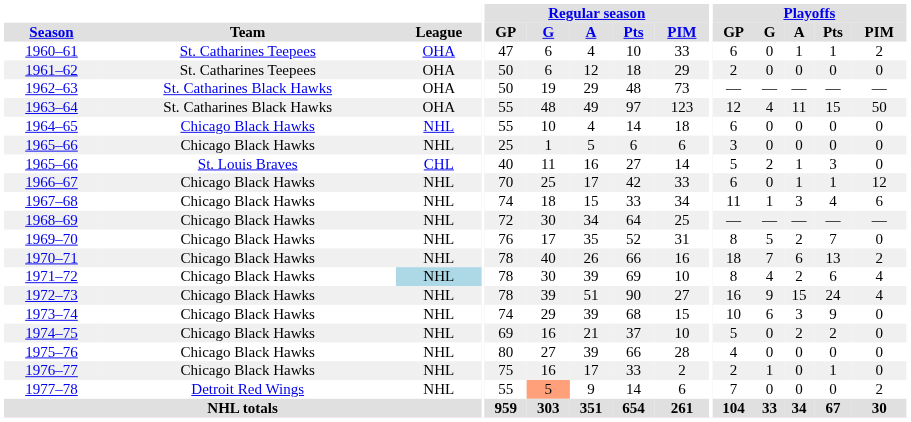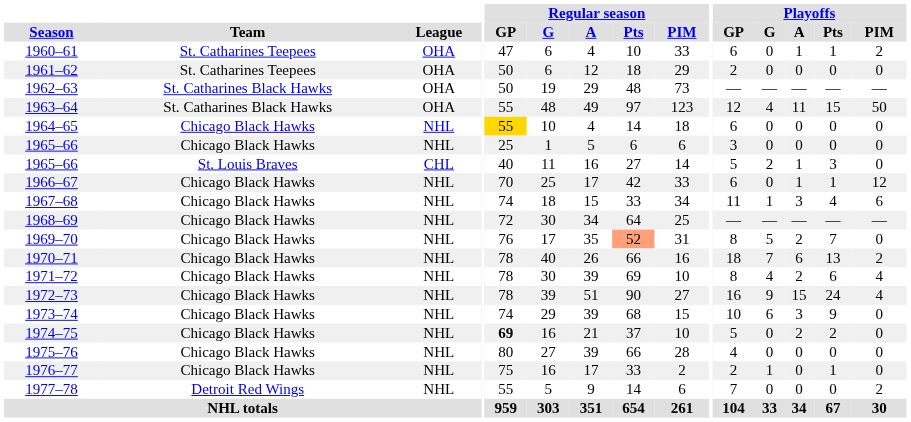 <table border="0" cellpadding="1" cellspacing="0" style="text-align:center; width:60em">
 <tr bgcolor="#e0e0e0">
 <th colspan="3" bgcolor="#ffffff"></th>
 <th rowspan="100" bgcolor="#ffffff"></th>
 <th colspan="5"><a href='#'>Regular season</a></th>
 <th rowspan="100" bgcolor="#ffffff"></th>
 <th colspan="5"><a href='#'>Playoffs</a></th>
 </tr>
 <tr bgcolor="#e0e0e0">
 <th><a href='#'>Season</a></th>
 <th>Team</th>
 <th>League</th>
 <th>GP</th>
 <th><a href='#'>G</a></th>
 <th><a href='#'>A</a></th>
 <th><a href='#'>Pts</a></th>
 <th><a href='#'>PIM</a></th>
 <th>GP</th>
 <th>G</th>
 <th>A</th>
 <th>Pts</th>
 <th>PIM</th>
 </tr>
 <tr>
 <td><a href='#'>1960–61</a></td>
 <td><a href='#'>St. Catharines Teepees</a></td>
 <td><a href='#'>OHA</a></td>
 <td>47</td>
 <td>6</td>
 <td>4</td>
 <td>10</td>
 <td>33</td>
 <td>6</td>
 <td>0</td>
 <td>1</td>
 <td>1</td>
 <td>2</td>
 </tr>
 <tr bgcolor="#f0f0f0">
 <td><a href='#'>1961–62</a></td>
 <td>St. Catharines Teepees</td>
 <td>OHA</td>
 <td>50</td>
 <td>6</td>
 <td>12</td>
 <td>18</td>
 <td>29</td>
 <td>2</td>
 <td>0</td>
 <td>0</td>
 <td>0</td>
 <td>0</td>
 </tr>
 <tr>
 <td><a href='#'>1962–63</a></td>
 <td><a href='#'>St. Catharines Black Hawks</a></td>
 <td>OHA</td>
 <td>50</td>
 <td>19</td>
 <td>29</td>
 <td>48</td>
 <td>73</td>
 <td>—</td>
 <td>—</td>
 <td>—</td>
 <td>—</td>
 <td>—</td>
 </tr>
 <tr bgcolor="#f0f0f0">
 <td><a href='#'>1963–64</a></td>
 <td>St. Catharines Black Hawks</td>
 <td>OHA</td>
 <td>55</td>
 <td>48</td>
 <td>49</td>
 <td>97</td>
 <td>123</td>
 <td>12</td>
 <td>4</td>
 <td>11</td>
 <td>15</td>
 <td>50</td>
 </tr>
 <tr>
 <td><a href='#'>1964–65</a></td>
 <td><a href='#'>Chicago Black Hawks</a></td>
 <td><a href='#'>NHL</a></td>
-<td>55</td>
+<td style="background: gold;">55</td>
 <td>10</td>
 <td>4</td>
 <td>14</td>
 <td>18</td>
 <td>6</td>
 <td>0</td>
 <td>0</td>
 <td>0</td>
 <td>0</td>
 </tr>
 <tr bgcolor="#f0f0f0">
 <td><a href='#'>1965–66</a></td>
 <td>Chicago Black Hawks</td>
 <td>NHL</td>
 <td>25</td>
 <td>1</td>
 <td>5</td>
 <td>6</td>
 <td>6</td>
 <td>3</td>
 <td>0</td>
 <td>0</td>
 <td>0</td>
 <td>0</td>
 </tr>
 <tr>
 <td><a href='#'>1965–66</a></td>
 <td><a href='#'>St. Louis Braves</a></td>
 <td><a href='#'>CHL</a></td>
 <td>40</td>
 <td>11</td>
 <td>16</td>
 <td>27</td>
 <td>14</td>
 <td>5</td>
 <td>2</td>
 <td>1</td>
 <td>3</td>
 <td>0</td>
 </tr>
 <tr bgcolor="#f0f0f0">
 <td><a href='#'>1966–67</a></td>
 <td>Chicago Black Hawks</td>
 <td>NHL</td>
 <td>70</td>
 <td>25</td>
 <td>17</td>
 <td>42</td>
 <td>33</td>
 <td>6</td>
 <td>0</td>
 <td>1</td>
 <td>1</td>
 <td>12</td>
 </tr>
 <tr>
 <td><a href='#'>1967–68</a></td>
 <td>Chicago Black Hawks</td>
 <td>NHL</td>
 <td>74</td>
 <td>18</td>
 <td>15</td>
 <td>33</td>
 <td>34</td>
 <td>11</td>
 <td>1</td>
 <td>3</td>
 <td>4</td>
 <td>6</td>
 </tr>
 <tr bgcolor="#f0f0f0">
 <td><a href='#'>1968–69</a></td>
 <td>Chicago Black Hawks</td>
 <td>NHL</td>
 <td>72</td>
 <td>30</td>
 <td>34</td>
 <td>64</td>
 <td>25</td>
 <td>—</td>
 <td>—</td>
 <td>—</td>
 <td>—</td>
 <td>—</td>
 </tr>
 <tr>
 <td><a href='#'>1969–70</a></td>
 <td>Chicago Black Hawks</td>
 <td>NHL</td>
 <td>76</td>
 <td>17</td>
 <td>35</td>
-<td>52</td>
+<td style="background: lightsalmon;">52</td>
 <td>31</td>
 <td>8</td>
 <td>5</td>
 <td>2</td>
 <td>7</td>
 <td>0</td>
 </tr>
 <tr bgcolor="#f0f0f0">
 <td><a href='#'>1970–71</a></td>
 <td>Chicago Black Hawks</td>
 <td>NHL</td>
 <td>78</td>
 <td>40</td>
 <td>26</td>
 <td>66</td>
 <td>16</td>
 <td>18</td>
 <td>7</td>
 <td>6</td>
 <td>13</td>
 <td>2</td>
 </tr>
 <tr>
 <td><a href='#'>1971–72</a></td>
 <td>Chicago Black Hawks</td>
-<td style="background: lightblue;">NHL</td>
+<td>NHL</td>
 <td>78</td>
 <td>30</td>
 <td>39</td>
 <td>69</td>
 <td>10</td>
 <td>8</td>
 <td>4</td>
 <td>2</td>
 <td>6</td>
 <td>4</td>
 </tr>
 <tr bgcolor="#f0f0f0">
 <td><a href='#'>1972–73</a></td>
 <td>Chicago Black Hawks</td>
 <td>NHL</td>
 <td>78</td>
 <td>39</td>
 <td>51</td>
 <td>90</td>
 <td>27</td>
 <td>16</td>
 <td>9</td>
 <td>15</td>
 <td>24</td>
 <td>4</td>
 </tr>
 <tr>
 <td><a href='#'>1973–74</a></td>
 <td>Chicago Black Hawks</td>
 <td>NHL</td>
 <td>74</td>
 <td>29</td>
 <td>39</td>
 <td>68</td>
 <td>15</td>
 <td>10</td>
 <td>6</td>
 <td>3</td>
 <td>9</td>
 <td>0</td>
 </tr>
 <tr bgcolor="#f0f0f0">
 <td><a href='#'>1974–75</a></td>
 <td>Chicago Black Hawks</td>
 <td>NHL</td>
-<td>69</td>
+<td><strong>69</strong></td>
 <td>16</td>
 <td>21</td>
 <td>37</td>
 <td>10</td>
 <td>5</td>
 <td>0</td>
 <td>2</td>
 <td>2</td>
 <td>0</td>
 </tr>
 <tr>
 <td><a href='#'>1975–76</a></td>
 <td>Chicago Black Hawks</td>
 <td>NHL</td>
 <td>80</td>
 <td>27</td>
 <td>39</td>
 <td>66</td>
 <td>28</td>
 <td>4</td>
 <td>0</td>
 <td>0</td>
 <td>0</td>
 <td>0</td>
 </tr>
 <tr bgcolor="#f0f0f0">
 <td><a href='#'>1976–77</a></td>
 <td>Chicago Black Hawks</td>
 <td>NHL</td>
 <td>75</td>
 <td>16</td>
 <td>17</td>
 <td>33</td>
 <td>2</td>
 <td>2</td>
 <td>1</td>
 <td>0</td>
 <td>1</td>
 <td>0</td>
 </tr>
 <tr>
 <td><a href='#'>1977–78</a></td>
 <td><a href='#'>Detroit Red Wings</a></td>
 <td>NHL</td>
 <td>55</td>
-<td style="background: lightsalmon;">5</td>
+<td>5</td>
 <td>9</td>
 <td>14</td>
 <td>6</td>
 <td>7</td>
 <td>0</td>
 <td>0</td>
 <td>0</td>
 <td>2</td>
 </tr>
 <tr bgcolor="#e0e0e0">
 <th colspan="3">NHL totals</th>
 <th>959</th>
 <th>303</th>
 <th>351</th>
 <th>654</th>
 <th>261</th>
 <th>104</th>
 <th>33</th>
 <th>34</th>
 <th>67</th>
 <th>30</th>
 </tr>
 </table>
